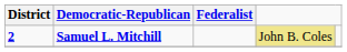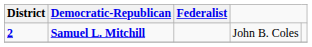 <table class=wikitable>
 <tr bgcolor=lightgrey>
 <th>District</th>
 <th><a href='#'>Democratic-Republican</a></th>
 <th><a href='#'>Federalist</a></th>
 </tr>
 <tr>
 <td><strong><a href='#'>2</a></strong></td>
 <td><strong><a href='#'>Samuel L. Mitchill</a></strong></td>
 <td align="right"></td>
-<td style="background: khaki;">John B. Coles</td>
+<td>John B. Coles</td>
 <td align="right"></td>
 </tr>
 <tr>
 </tr>
 </table>
